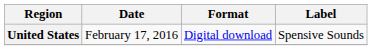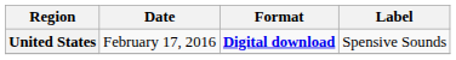 <table class="wikitable plainrowheaders">
 <tr>
 <th>Region</th>
 <th>Date</th>
 <th>Format</th>
 <th>Label</th>
 </tr>
 <tr>
 <th scope="row">United States</th>
 <td>February 17, 2016</td>
-<td><a href='#'>Digital download</a></td>
+<td><strong><a href='#'>Digital download</a></strong></td>
 <td>Spensive Sounds</td>
 </tr>
 <tr>
 </tr>
 </table>
